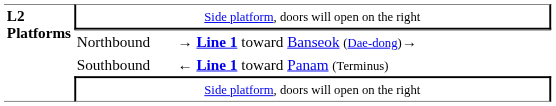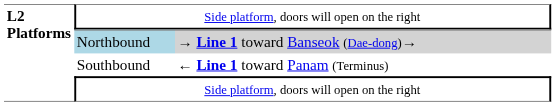 <table table border=0 cellspacing=0 cellpadding=3>
 <tr>
 <td style="border-top:solid 1px gray;border-bottom:solid 1px gray;" width=50 rowspan=10 valign=top><strong>L2<br>Platforms</strong></td>
 <td style="border-top:solid 1px gray;border-right:solid 2px black;border-left:solid 2px black;border-bottom:solid 2px black;text-align:center;" colspan=2><small><a href='#'>Side platform</a>, doors will open on the right</small></td>
 </tr>
 <tr>
-<td style="border-bottom:solid 0px gray;border-top:solid 1px gray;" width=100>Northbound</td>
-<td style="border-bottom:solid 0px gray;border-top:solid 1px gray;" width=390><span>→</span> <a href='#'><span><span><strong>Line 1</strong></span></span></a> toward <a href='#'>Banseok</a> <small>(<a href='#'>Dae-dong</a>)</small>→</td>
+<td style="background: lightblue; border-bottom:solid 0px gray;border-top:solid 1px gray;" width=100>Northbound</td>
+<td style="background: lightgrey; border-bottom:solid 0px gray;border-top:solid 1px gray;" width=390><span>→</span> <a href='#'><span><span><strong>Line 1</strong></span></span></a> toward <a href='#'>Banseok</a> <small>(<a href='#'>Dae-dong</a>)</small>→</td>
 </tr>
 <tr>
 <td>Southbound</td>
 <td>← <a href='#'><span><span><strong>Line 1</strong></span></span></a> toward <a href='#'>Panam</a> <small>(Terminus)</small></td>
 </tr>
 <tr>
 <td style="border-top:solid 2px black;border-right:solid 2px black;border-left:solid 2px black;border-bottom:solid 1px gray;text-align:center;" colspan=2><small><a href='#'>Side platform</a>, doors will open on the right</small></td>
 </tr>
 </table>
